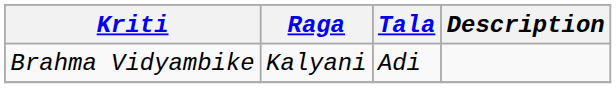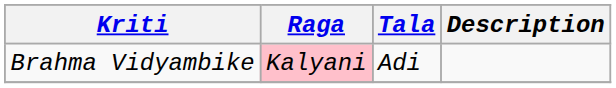 <table class="wikitable">
 <tr>
 <th><em><a href='#'>Kriti</a></em></th>
 <th><em><a href='#'>Raga</a></em></th>
 <th><em><a href='#'>Tala</a></em></th>
 <th><em>Description</em></th>
 </tr>
 <tr>
 <td><em>Brahma Vidyambike</em></td>
-<td><em>Kalyani</em></td>
+<td style="background: pink;"><em>Kalyani</em></td>
 <td><em>Adi</em></td>
 <td></td>
 </tr>
 <tr>
 </tr>
 </table>
